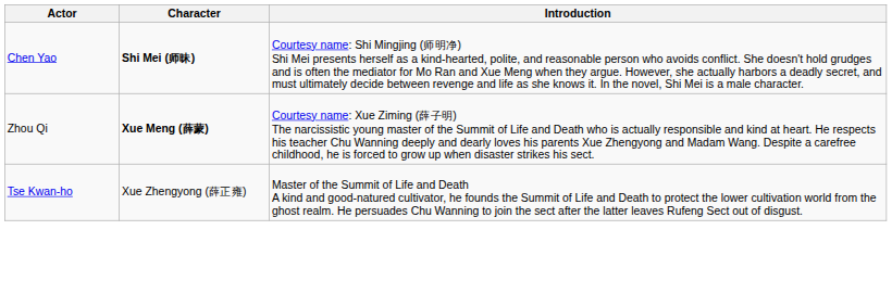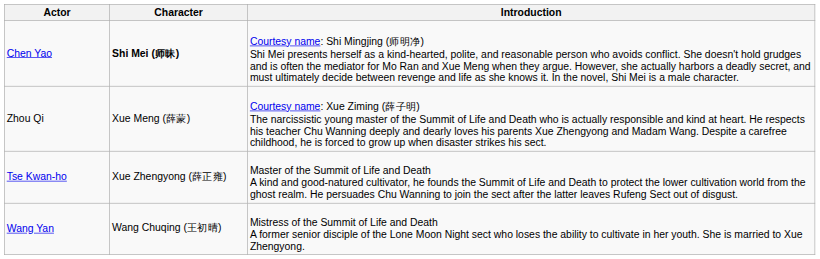 <table class="wikitable">
 <tr>
 <th style="width:13%">Actor</th>
 <th style="width:17%">Character</th>
 <th>Introduction</th>
 </tr>
 <tr>
 <td><a href='#'>Chen Yao</a></td>
 <td><strong>Shi Mei (师昧)</strong></td>
 <td><br><a href='#'>Courtesy name</a>: Shi Mingjing (师明净)<br> Shi Mei presents herself as a kind-hearted, polite, and reasonable person who avoids conflict. She doesn't hold grudges and is often the mediator for Mo Ran and Xue Meng when they argue. However, she actually harbors a deadly secret, and must ultimately decide between revenge and life as she knows it. In the novel, Shi Mei is a male character.</td>
 </tr>
 <tr>
 <td>Zhou Qi</td>
-<td><strong>Xue Meng (薛蒙)</strong></td>
+<td>Xue Meng (薛蒙)</td>
 <td><br><a href='#'>Courtesy name</a>: Xue Ziming (薛子明)<br> The narcissistic young master of the Summit of Life and Death who is actually responsible and kind at heart. He respects his teacher Chu Wanning deeply and dearly loves his parents Xue Zhengyong and Madam Wang. Despite a carefree childhood, he is forced to grow up when disaster strikes his sect.</td>
 </tr>
 <tr>
 <td><a href='#'>Tse Kwan-ho</a></td>
 <td>Xue Zhengyong (薛正雍)</td>
 <td><br>Master of the Summit of Life and Death<br> A kind and good-natured cultivator, he founds the Summit of Life and Death to protect the lower cultivation world from the ghost realm. He persuades Chu Wanning to join the sect after the latter leaves Rufeng Sect out of disgust.</td>
 </tr>
+<tr>
+<td><a href='#'>Wang Yan</a></td>
+<td>Wang Chuqing (王初晴)</td>
+<td><br>Mistress of the Summit of Life and Death<br> A former senior disciple of the Lone Moon Night sect who loses the ability to cultivate in her youth. She is married to Xue Zhengyong.</td>
+</tr>
 </table>
